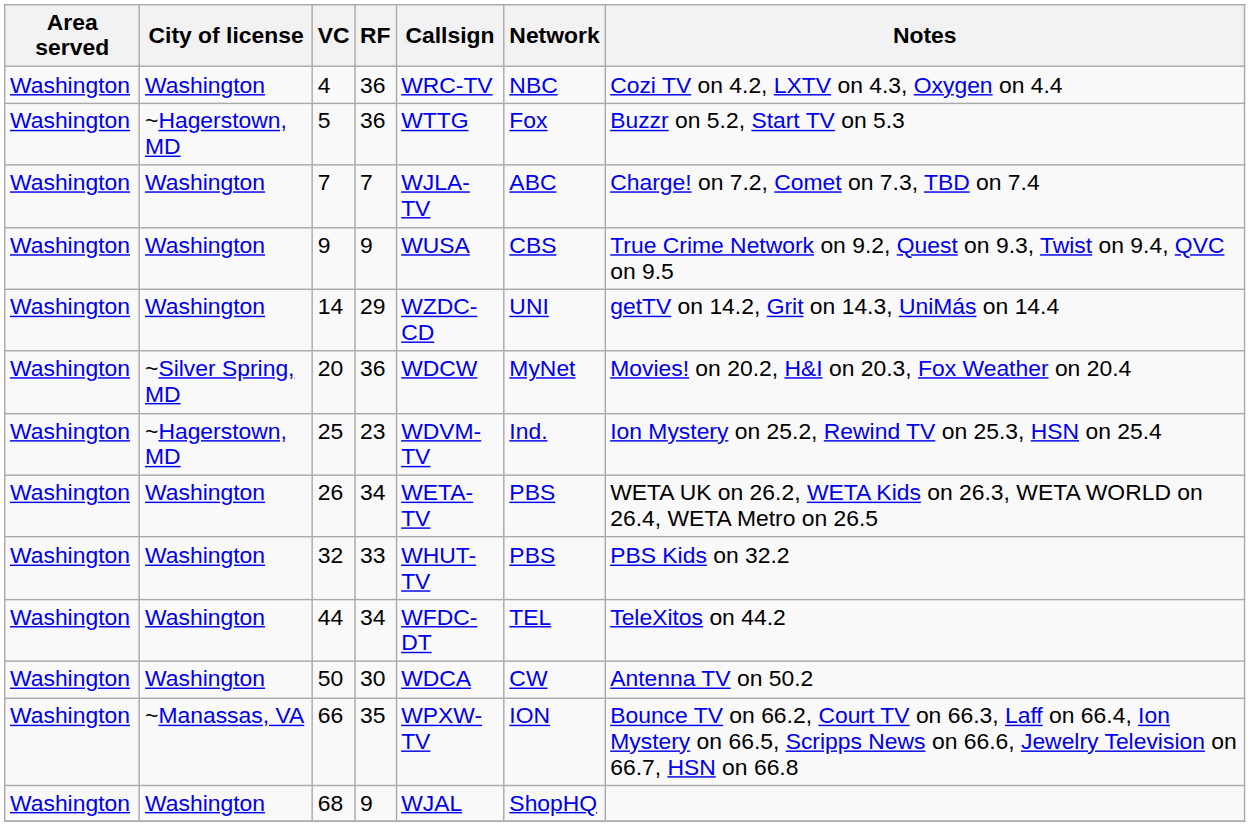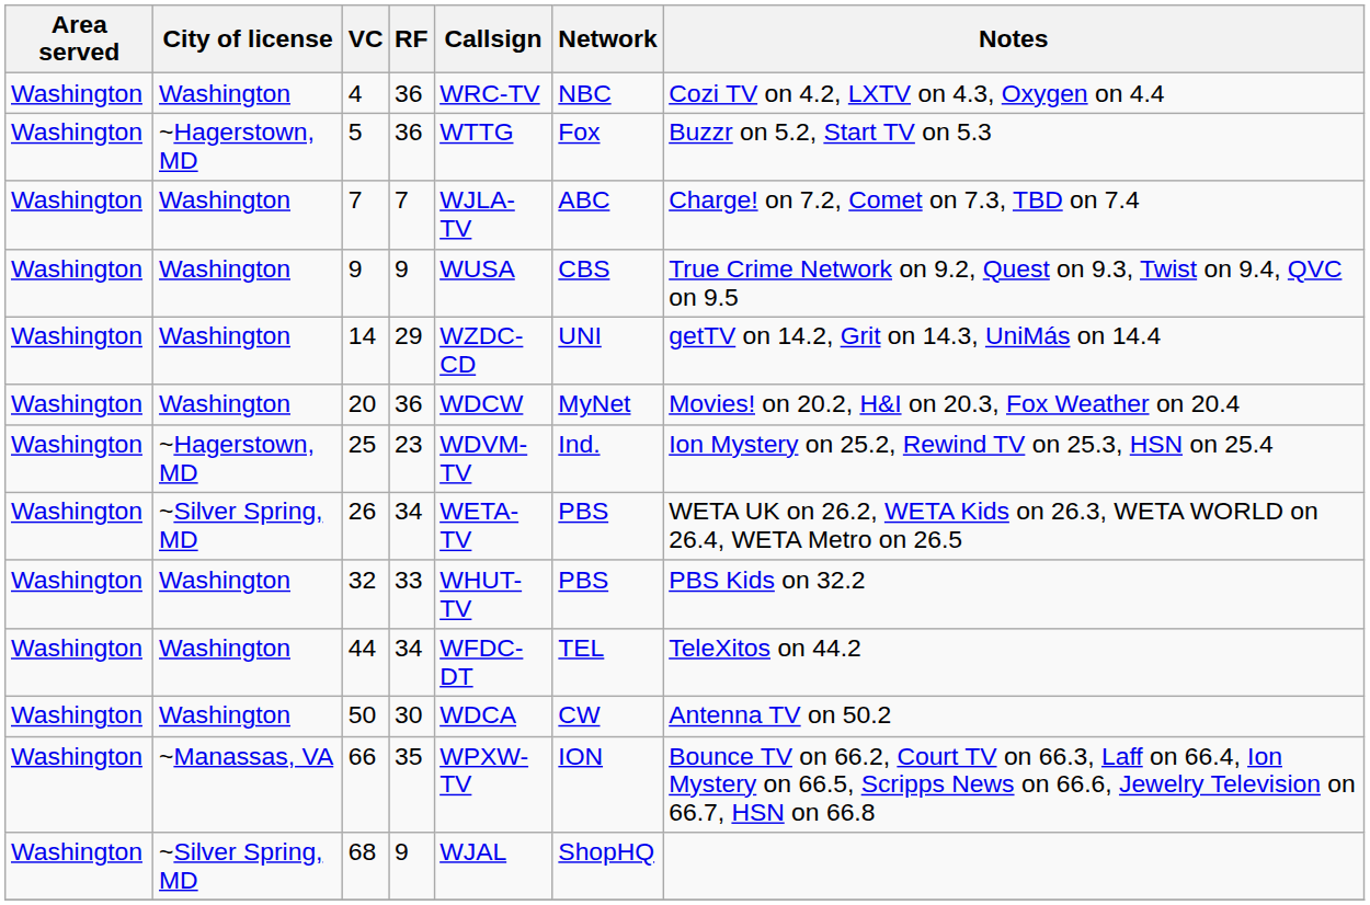 <table class="sortable wikitable" style="margin: 1em 1em 1em 0; background: #f9f9f9;">
 <tr>
 <th>Area served</th>
 <th>City of license</th>
 <th>VC</th>
 <th>RF</th>
 <th>Callsign</th>
 <th>Network</th>
 <th class="unsortable">Notes</th>
 </tr>
 <tr style="vertical-align: top; text-align: left;">
 <td><a href='#'>Washington</a></td>
 <td><a href='#'>Washington</a></td>
 <td>4</td>
 <td>36</td>
 <td><a href='#'>WRC-TV</a></td>
 <td><a href='#'>NBC</a></td>
 <td><a href='#'>Cozi TV</a> on 4.2, <a href='#'>LXTV</a> on 4.3, <a href='#'>Oxygen</a> on 4.4</td>
 </tr>
 <tr style="vertical-align: top; text-align: left;">
 <td><a href='#'>Washington</a></td>
 <td>~<a href='#'>Hagerstown, MD</a></td>
 <td>5</td>
 <td>36</td>
 <td><a href='#'>WTTG</a></td>
 <td><a href='#'>Fox</a></td>
 <td><a href='#'>Buzzr</a> on 5.2, <a href='#'>Start TV</a> on 5.3</td>
 </tr>
 <tr style="vertical-align: top; text-align: left;">
 <td><a href='#'>Washington</a></td>
 <td><a href='#'>Washington</a></td>
 <td>7</td>
 <td>7</td>
 <td><a href='#'>WJLA-TV</a></td>
 <td><a href='#'>ABC</a></td>
 <td><a href='#'>Charge!</a> on 7.2, <a href='#'>Comet</a> on 7.3, <a href='#'>TBD</a> on 7.4</td>
 </tr>
 <tr style="vertical-align: top; text-align: left;">
 <td><a href='#'>Washington</a></td>
 <td><a href='#'>Washington</a></td>
 <td>9</td>
 <td>9</td>
 <td><a href='#'>WUSA</a></td>
 <td><a href='#'>CBS</a></td>
 <td><a href='#'>True Crime Network</a> on 9.2, <a href='#'>Quest</a> on 9.3, <a href='#'>Twist</a> on 9.4, <a href='#'>QVC</a> on 9.5</td>
 </tr>
 <tr style="vertical-align: top; text-align: left;">
 <td><a href='#'>Washington</a></td>
 <td><a href='#'>Washington</a></td>
 <td>14</td>
 <td>29</td>
 <td><a href='#'>WZDC-CD</a></td>
 <td><a href='#'>UNI</a></td>
 <td><a href='#'>getTV</a> on 14.2, <a href='#'>Grit</a> on 14.3, <a href='#'>UniMás</a> on 14.4</td>
 </tr>
 <tr style="vertical-align: top; text-align: left;">
 <td><a href='#'>Washington</a></td>
-<td>~<a href='#'>Silver Spring, MD</a></td>
+<td><a href='#'>Washington</a></td>
 <td>20</td>
 <td>36</td>
 <td><a href='#'>WDCW</a></td>
 <td><a href='#'>MyNet</a></td>
 <td><a href='#'>Movies!</a> on 20.2, <a href='#'>H&I</a> on 20.3, <a href='#'>Fox Weather</a> on 20.4</td>
 </tr>
 <tr style="vertical-align: top; text-align: left;">
 <td><a href='#'>Washington</a></td>
 <td>~<a href='#'>Hagerstown, MD</a></td>
 <td>25</td>
 <td>23</td>
 <td><a href='#'>WDVM-TV</a></td>
 <td><a href='#'>Ind.</a></td>
 <td><a href='#'>Ion Mystery</a> on 25.2, <a href='#'>Rewind TV</a> on 25.3, <a href='#'>HSN</a> on 25.4</td>
 </tr>
 <tr style="vertical-align: top; text-align: left;">
 <td><a href='#'>Washington</a></td>
-<td><a href='#'>Washington</a></td>
+<td>~<a href='#'>Silver Spring, MD</a></td>
 <td>26</td>
 <td>34</td>
 <td><a href='#'>WETA-TV</a></td>
 <td><a href='#'>PBS</a></td>
 <td>WETA UK on 26.2, <a href='#'>WETA Kids</a> on 26.3, WETA WORLD on 26.4, WETA Metro on 26.5</td>
 </tr>
 <tr style="vertical-align: top; text-align: left;">
 <td><a href='#'>Washington</a></td>
 <td><a href='#'>Washington</a></td>
 <td>32</td>
 <td>33</td>
 <td><a href='#'>WHUT-TV</a></td>
 <td><a href='#'>PBS</a></td>
 <td><a href='#'>PBS Kids</a> on 32.2</td>
 </tr>
 <tr style="vertical-align: top; text-align: left;">
 <td><a href='#'>Washington</a></td>
 <td><a href='#'>Washington</a></td>
 <td>44</td>
 <td>34</td>
 <td><a href='#'>WFDC-DT</a></td>
 <td><a href='#'>TEL</a></td>
 <td><a href='#'>TeleXitos</a> on 44.2</td>
 </tr>
 <tr style="vertical-align: top; text-">
 <td><a href='#'>Washington</a></td>
 <td><a href='#'>Washington</a></td>
 <td>50</td>
 <td>30</td>
 <td><a href='#'>WDCA</a></td>
 <td><a href='#'>CW</a></td>
 <td><a href='#'>Antenna TV</a> on 50.2</td>
 </tr>
 <tr style="vertical-align: top; text-align: left;">
 <td><a href='#'>Washington</a></td>
 <td>~<a href='#'>Manassas, VA</a></td>
 <td>66</td>
 <td>35</td>
 <td><a href='#'>WPXW-TV</a></td>
 <td><a href='#'>ION</a></td>
 <td><a href='#'>Bounce TV</a> on 66.2, <a href='#'>Court TV</a> on 66.3, <a href='#'>Laff</a> on 66.4, <a href='#'>Ion Mystery</a> on 66.5, <a href='#'>Scripps News</a> on 66.6, <a href='#'>Jewelry Television</a> on 66.7, <a href='#'>HSN</a> on 66.8</td>
 </tr>
 <tr style="vertical-align: top; text-align: left;">
 <td><a href='#'>Washington</a></td>
-<td><a href='#'>Washington</a></td>
+<td>~<a href='#'>Silver Spring, MD</a></td>
 <td>68</td>
 <td>9</td>
 <td><a href='#'>WJAL</a></td>
 <td><a href='#'>ShopHQ</a></td>
 <td></td>
 </tr>
 <tr style="vertical-align: top; text-align: left;">
 </tr>
 </table>
